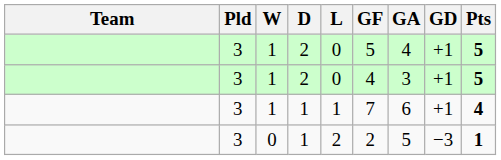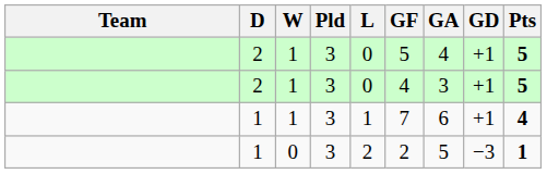 <table class="wikitable" style="text-align:center;">
 <tr>
 <th width=175>Team</th>
+<th width=20 abbr="Drawn">D</th>
+<th width=20 abbr="Won">W</th>
 <th width=20 abbr="Played">Pld</th>
-<th width=20 abbr="Won">W</th>
-<th width=20 abbr="Drawn">D</th>
 <th width=20 abbr="Lost">L</th>
 <th width=20 abbr="Goals for">GF</th>
 <th width=20 abbr="Goals against">GA</th>
 <th width=20 abbr="Goal difference">GD</th>
 <th width=20 abbr="Points">Pts</th>
 </tr>
 <tr bgcolor=ccffcc>
 <td align=left></td>
+<td>2</td>
+<td>1</td>
 <td>3</td>
-<td>1</td>
-<td>2</td>
 <td>0</td>
 <td>5</td>
 <td>4</td>
 <td>+1</td>
 <td><strong>5</strong></td>
 </tr>
 <tr bgcolor=ccffcc>
 <td align=left></td>
+<td>2</td>
+<td>1</td>
 <td>3</td>
-<td>1</td>
-<td>2</td>
 <td>0</td>
 <td>4</td>
 <td>3</td>
 <td>+1</td>
 <td><strong>5</strong></td>
 </tr>
 <tr bgcolor=>
 <td align=left></td>
-<td>3</td>
 <td>1</td>
 <td>1</td>
+<td>3</td>
 <td>1</td>
 <td>7</td>
 <td>6</td>
 <td>+1</td>
 <td><strong>4</strong></td>
 </tr>
 <tr bgcolor=>
 <td align=left></td>
+<td>1</td>
+<td>0</td>
 <td>3</td>
-<td>0</td>
-<td>1</td>
 <td>2</td>
 <td>2</td>
 <td>5</td>
 <td>−3</td>
 <td><strong>1</strong></td>
 </tr>
 </table>
